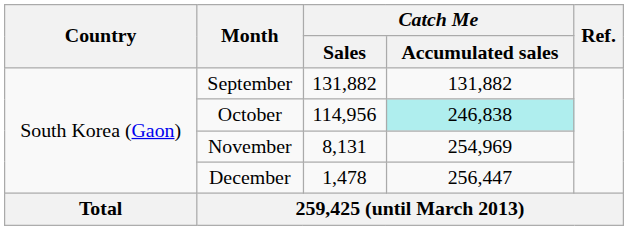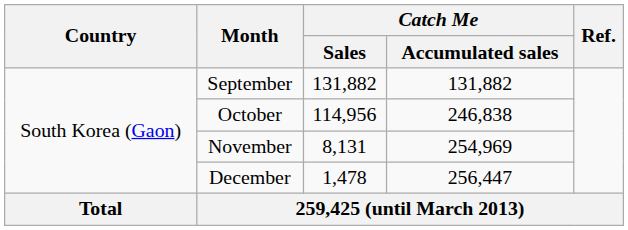 <table class="wikitable" style="text-align:center; width:500px">
 <tr>
 <th rowspan=2>Country</th>
 <th rowspan=2>Month</th>
 <th colspan=2><em>Catch Me</em></th>
 <th rowspan=2>Ref.</th>
 </tr>
 <tr>
 <th>Sales</th>
 <th>Accumulated sales</th>
 </tr>
 <tr>
 <td rowspan=4>South Korea (<a href='#'>Gaon</a>)</td>
 <td>September</td>
 <td>131,882</td>
 <td>131,882</td>
 <td rowspan=4></td>
 </tr>
 <tr>
 <td>October</td>
 <td>114,956</td>
-<td style="background: paleturquoise;">246,838</td>
+<td>246,838</td>
 </tr>
 <tr>
 <td>November</td>
 <td>8,131</td>
 <td>254,969</td>
 </tr>
 <tr>
 <td>December</td>
 <td>1,478</td>
 <td>256,447</td>
 </tr>
 <tr>
 <th>Total</th>
 <th colspan=6>259,425 (until March 2013)</th>
 </tr>
 </table>
